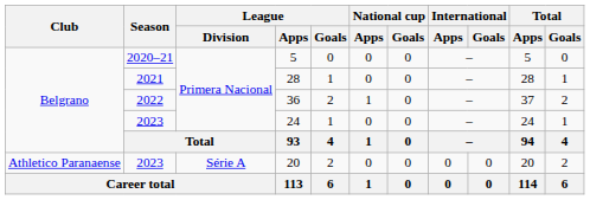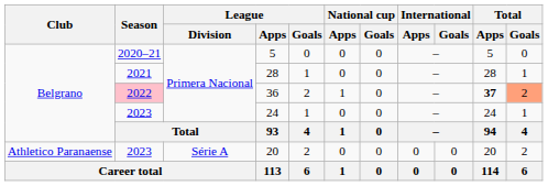 <table class="wikitable" style="text-align: center">
 <tr>
 <th rowspan="2">Club</th>
 <th rowspan="2">Season</th>
 <th colspan="3">League</th>
 <th colspan="2">National cup</th>
 <th colspan="2">International</th>
 <th colspan="2">Total</th>
 </tr>
 <tr>
 <th>Division</th>
 <th>Apps</th>
 <th>Goals</th>
 <th>Apps</th>
 <th>Goals</th>
 <th>Apps</th>
 <th>Goals</th>
 <th>Apps</th>
 <th>Goals</th>
 </tr>
 <tr>
 <td rowspan="5"><a href='#'>Belgrano</a></td>
 <td><a href='#'>2020–21</a></td>
 <td rowspan="4"><a href='#'>Primera Nacional</a></td>
 <td>5</td>
 <td>0</td>
 <td>0</td>
 <td>0</td>
 <td colspan="2">–</td>
 <td>5</td>
 <td>0</td>
 </tr>
 <tr>
 <td><a href='#'>2021</a></td>
 <td>28</td>
 <td>1</td>
 <td>0</td>
 <td>0</td>
 <td colspan="2">–</td>
 <td>28</td>
 <td>1</td>
 </tr>
 <tr>
-<td><a href='#'>2022</a></td>
+<td style="background: pink;"><a href='#'>2022</a></td>
 <td>36</td>
 <td>2</td>
 <td>1</td>
 <td>0</td>
 <td colspan="2">–</td>
-<td>37</td>
-<td>2</td>
+<td><strong>37</strong></td>
+<td style="background: lightsalmon;">2</td>
 </tr>
 <tr>
 <td><a href='#'>2023</a></td>
 <td>24</td>
 <td>1</td>
 <td>0</td>
 <td>0</td>
 <td colspan="2">–</td>
 <td>24</td>
 <td>1</td>
 </tr>
 <tr>
 <th colspan="2">Total</th>
 <th>93</th>
 <th>4</th>
 <th>1</th>
 <th>0</th>
 <th colspan="2">–</th>
 <th>94</th>
 <th>4</th>
 </tr>
 <tr>
 <td><a href='#'>Athletico Paranaense</a></td>
 <td><a href='#'>2023</a></td>
 <td><a href='#'>Série A</a></td>
 <td>20</td>
 <td>2</td>
 <td>0</td>
 <td>0</td>
 <td>0</td>
 <td>0</td>
 <td>20</td>
 <td>2</td>
 </tr>
 <tr>
 <th colspan="3">Career total</th>
 <th>113</th>
 <th>6</th>
 <th>1</th>
 <th>0</th>
 <th>0</th>
 <th>0</th>
 <th>114</th>
 <th>6</th>
 </tr>
 </table>
